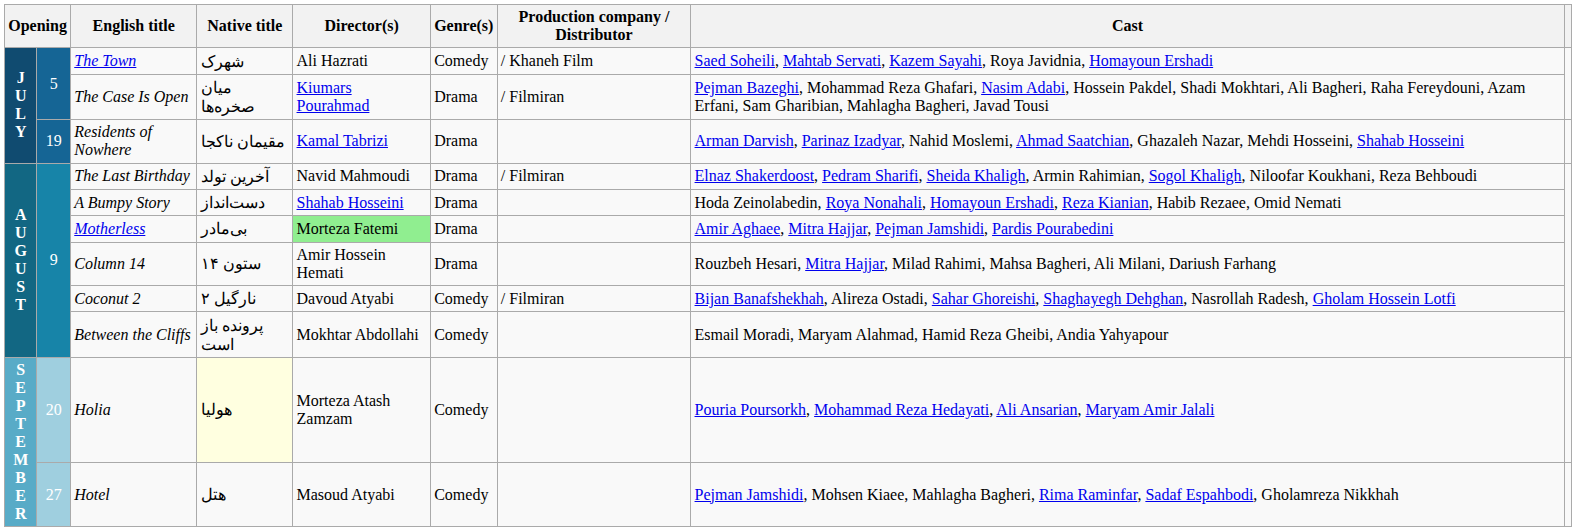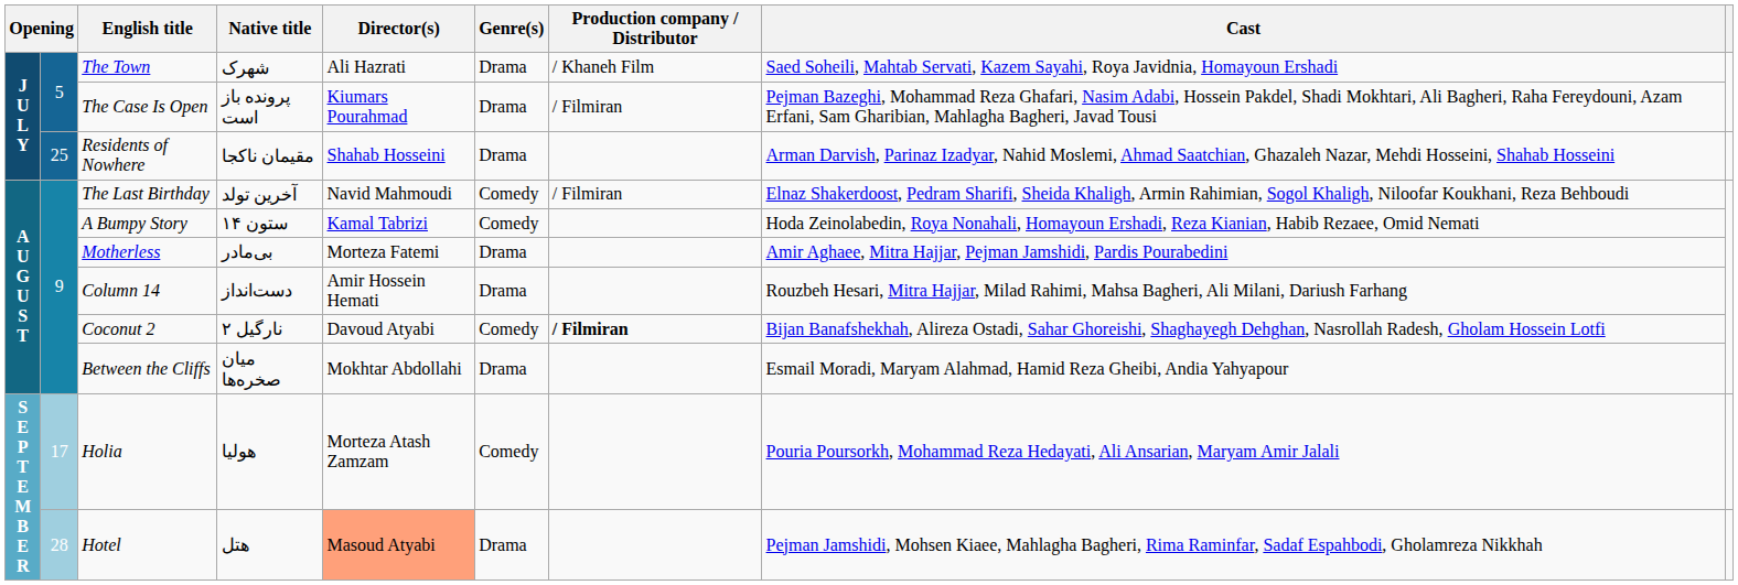 <table class="wikitable sortable">
 <tr style="background:#b0e0e6; text-align:center">
 <th colspan="2">Opening</th>
 <th>English title</th>
 <th>Native title</th>
 <th>Director(s)</th>
 <th>Genre(s)</th>
 <th>Production company / Distributor</th>
 <th>Cast</th>
 <th></th>
 </tr>
 <tr>
 <th rowspan="3" style="text-align:center; background:#104B70; color:white;">J<br>U<br>L<br>Y</th>
 <td rowspan="2" style="text-align:center; background:#156595; color:white;">5</td>
 <td><em><a href='#'>The Town</a></em></td>
 <td>شهرک</td>
 <td>Ali Hazrati</td>
-<td>Comedy</td>
+<td>Drama</td>
 <td>/ Khaneh Film</td>
 <td><a href='#'>Saed Soheili</a>, <a href='#'>Mahtab Servati</a>, <a href='#'>Kazem Sayahi</a>, Roya Javidnia, <a href='#'>Homayoun Ershadi</a></td>
 <td rowspan="2"></td>
 </tr>
 <tr>
 <td><em>The Case Is Open</em></td>
-<td>میان صخره‌ها</td>
+<td>پرونده باز است</td>
 <td><a href='#'>Kiumars Pourahmad</a></td>
 <td>Drama</td>
 <td>/ Filmiran</td>
 <td><a href='#'>Pejman Bazeghi</a>, Mohammad Reza Ghafari, <a href='#'>Nasim Adabi</a>, Hossein Pakdel, Shadi Mokhtari, Ali Bagheri, Raha Fereydouni, Azam Erfani, Sam Gharibian, Mahlagha Bagheri, Javad Tousi</td>
 </tr>
 <tr>
-<td style="text-align:center; background:#156595; color:white;">19</td>
+<td style="text-align:center; background:#156595; color:white;">25</td>
 <td><em>Residents of Nowhere</em></td>
 <td>مقیمان ناکجا</td>
-<td><a href='#'>Kamal Tabrizi</a></td>
+<td><a href='#'>Shahab Hosseini</a></td>
 <td>Drama</td>
 <td></td>
 <td><a href='#'>Arman Darvish</a>, <a href='#'>Parinaz Izadyar</a>, Nahid Moslemi, <a href='#'>Ahmad Saatchian</a>, Ghazaleh Nazar, Mehdi Hosseini, <a href='#'>Shahab Hosseini</a></td>
 <td></td>
 </tr>
 <tr August>
 <th rowspan="6" style="text-align:center; background:#126783; color:white;">A<br>U<br>G<br>U<br>S<br>T</th>
 <td rowspan="6" style="text-align:center; background:#1784A8; color:white;">9</td>
 <td><em>The Last Birthday</em></td>
 <td>آخرین تولد</td>
 <td>Navid Mahmoudi</td>
-<td>Drama</td>
+<td>Comedy</td>
 <td>/ Filmiran</td>
 <td><a href='#'>Elnaz Shakerdoost</a>, <a href='#'>Pedram Sharifi</a>, <a href='#'>Sheida Khaligh</a>, Armin Rahimian, <a href='#'>Sogol Khaligh</a>, Niloofar Koukhani, Reza Behboudi</td>
 <td rowspan="6"></td>
 </tr>
 <tr>
 <td><em>A Bumpy Story</em></td>
-<td>دست‌انداز</td>
-<td><a href='#'>Shahab Hosseini</a></td>
-<td>Drama</td>
+<td>ستون ۱۴</td>
+<td><a href='#'>Kamal Tabrizi</a></td>
+<td>Comedy</td>
 <td></td>
 <td>Hoda Zeinolabedin, <a href='#'>Roya Nonahali</a>, <a href='#'>Homayoun Ershadi</a>, <a href='#'>Reza Kianian</a>, Habib Rezaee, Omid Nemati</td>
 </tr>
 <tr>
 <td><em><a href='#'>Motherless</a></em></td>
 <td>بی‌مادر</td>
-<td style="background: lightgreen;">Morteza Fatemi</td>
+<td>Morteza Fatemi</td>
 <td>Drama</td>
 <td></td>
 <td><a href='#'>Amir Aghaee</a>, <a href='#'>Mitra Hajjar</a>, <a href='#'>Pejman Jamshidi</a>, <a href='#'>Pardis Pourabedini</a></td>
 </tr>
 <tr>
 <td><em>Column 14</em></td>
-<td>ستون ۱۴</td>
+<td>دست‌انداز</td>
 <td>Amir Hossein Hemati</td>
 <td>Drama</td>
 <td></td>
 <td>Rouzbeh Hesari, <a href='#'>Mitra Hajjar</a>, Milad Rahimi, Mahsa Bagheri, Ali Milani, Dariush Farhang</td>
 </tr>
 <tr>
 <td><em>Coconut 2</em></td>
 <td>نارگیل ۲</td>
 <td>Davoud Atyabi</td>
 <td>Comedy</td>
-<td>/ Filmiran</td>
+<td><strong>/ Filmiran</strong></td>
 <td><a href='#'>Bijan Banafshekhah</a>,  Alireza Ostadi, <a href='#'>Sahar Ghoreishi</a>, <a href='#'>Shaghayegh Dehghan</a>, Nasrollah Radesh, <a href='#'>Gholam Hossein Lotfi</a></td>
 </tr>
 <tr>
 <td><em>Between the Cliffs</em></td>
-<td>پرونده باز است</td>
+<td>میان صخره‌ها</td>
 <td>Mokhtar Abdollahi</td>
-<td>Comedy</td>
+<td>Drama</td>
 <td></td>
 <td>Esmail Moradi, Maryam Alahmad, Hamid Reza Gheibi, Andia Yahyapour</td>
 </tr>
 <tr>
 <th rowspan="2" style="text-align:center; background:#58ABC7; color:white;">S<br>E<br>P<br>T<br>E<br>M<br>B<br>E<br>R</th>
-<td style="text-align:center; background:#9FCFDF; color:white;">20</td>
+<td style="text-align:center; background:#9FCFDF; color:white;">17</td>
 <td><em>Holia</em></td>
-<td style="background: lightyellow;">هولیا</td>
+<td>هولیا</td>
 <td>Morteza Atash Zamzam</td>
 <td>Comedy</td>
 <td></td>
 <td><a href='#'>Pouria Poursorkh</a>, <a href='#'>Mohammad Reza Hedayati</a>, <a href='#'>Ali Ansarian</a>, <a href='#'>Maryam Amir Jalali</a></td>
 <td></td>
 </tr>
 <tr>
-<td style="text-align:center; background:#9FCFDF; color:white;">27</td>
+<td style="text-align:center; background:#9FCFDF; color:white;">28</td>
 <td><em>Hotel</em></td>
 <td>هتل</td>
-<td>Masoud Atyabi</td>
-<td>Comedy</td>
+<td style="background: lightsalmon;">Masoud Atyabi</td>
+<td>Drama</td>
 <td></td>
 <td><a href='#'>Pejman Jamshidi</a>, Mohsen Kiaee, Mahlagha Bagheri, <a href='#'>Rima Raminfar</a>, <a href='#'>Sadaf Espahbodi</a>, Gholamreza Nikkhah</td>
 <td></td>
 </tr>
 </table>
